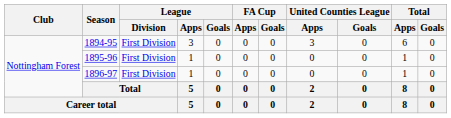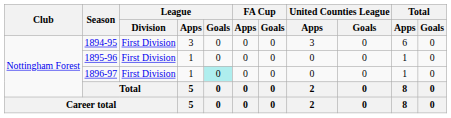 <table class="wikitable" style="text-align: center;">
 <tr>
 <th rowspan="2">Club</th>
 <th rowspan="2">Season</th>
 <th colspan="3">League</th>
 <th colspan="2">FA Cup</th>
 <th colspan="2">United Counties League</th>
 <th colspan="2">Total</th>
 </tr>
 <tr>
 <th>Division</th>
 <th>Apps</th>
 <th>Goals</th>
 <th>Apps</th>
 <th>Goals</th>
 <th>Apps</th>
 <th>Goals</th>
 <th>Apps</th>
 <th>Goals</th>
 </tr>
 <tr>
 <td rowspan="4"><a href='#'>Nottingham Forest</a></td>
 <td><a href='#'>1894-95</a></td>
 <td><a href='#'>First Division</a></td>
 <td>3</td>
 <td>0</td>
 <td>0</td>
 <td>0</td>
 <td>3</td>
 <td>0</td>
 <td>6</td>
 <td>0</td>
 </tr>
 <tr>
 <td><a href='#'>1895-96</a></td>
 <td><a href='#'>First Division</a></td>
 <td>1</td>
 <td>0</td>
 <td>0</td>
 <td>0</td>
 <td>0</td>
 <td>0</td>
 <td>1</td>
 <td>0</td>
 </tr>
 <tr>
 <td><a href='#'>1896-97</a></td>
 <td><a href='#'>First Division</a></td>
 <td>1</td>
-<td>0</td>
+<td style="background: paleturquoise;">0</td>
 <td>0</td>
 <td>0</td>
 <td>0</td>
 <td>0</td>
 <td>1</td>
 <td>0</td>
 </tr>
 <tr>
 <th colspan="2">Total</th>
 <th>5</th>
 <th>0</th>
 <th>0</th>
 <th>0</th>
 <th>2</th>
 <th>0</th>
 <th>8</th>
 <th>0</th>
 </tr>
 <tr>
 <th colspan="3">Career total</th>
 <th>5</th>
 <th>0</th>
 <th>0</th>
 <th>0</th>
 <th>2</th>
 <th>0</th>
 <th>8</th>
 <th>0</th>
 </tr>
 </table>
